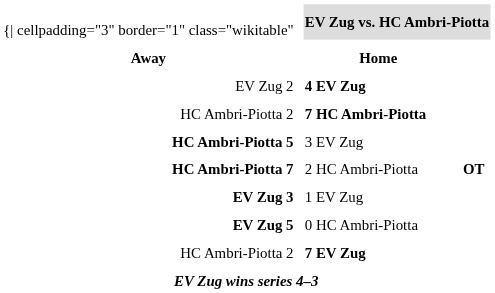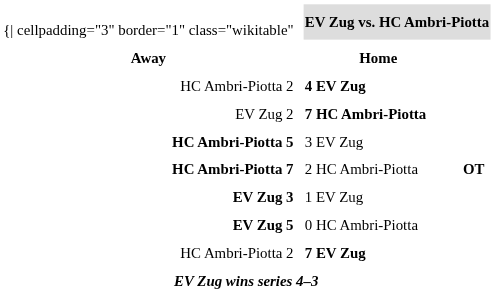 <table cellspacing="10">
 <tr>
 <td valign="top"><br>	{| cellpadding="3" border="1"  class="wikitable"</td>
 <th bgcolor="#DDDDDD" colspan="4">EV Zug vs. HC Ambri-Piotta</th>
 </tr>
 <tr>
 <th>Away</th>
 <th>Home</th>
 </tr>
 <tr>
-<td align = "right">EV Zug 2</td>
+<td align = "right">HC Ambri-Piotta 2</td>
 <td><strong>4 EV Zug</strong></td>
 <td> </td>
 </tr>
 <tr>
-<td align = "right">HC Ambri-Piotta 2</td>
+<td align = "right">EV Zug 2</td>
 <td><strong>7 HC Ambri-Piotta</strong></td>
 <td> </td>
 </tr>
 <tr>
 <td align = "right"><strong>HC Ambri-Piotta 5</strong></td>
 <td>3 EV Zug</td>
 <td> </td>
 </tr>
 <tr>
 <td align = "right"><strong>HC Ambri-Piotta 7</strong></td>
 <td>2 HC Ambri-Piotta</td>
 <td><strong>OT</strong></td>
 </tr>
 <tr>
 <td align = "right"><strong>EV Zug 3</strong></td>
 <td>1 EV Zug</td>
 <td> </td>
 </tr>
 <tr>
 <td align = "right"><strong>EV Zug 5</strong></td>
 <td>0 HC Ambri-Piotta</td>
 <td> </td>
 </tr>
 <tr>
 <td align = "right">HC Ambri-Piotta 2</td>
 <td><strong>7 EV Zug</strong></td>
 <td> </td>
 </tr>
 <tr align="center">
 <td colspan="4"><strong><em>EV Zug wins series 4–3</em></strong></td>
 </tr>
 </table>
